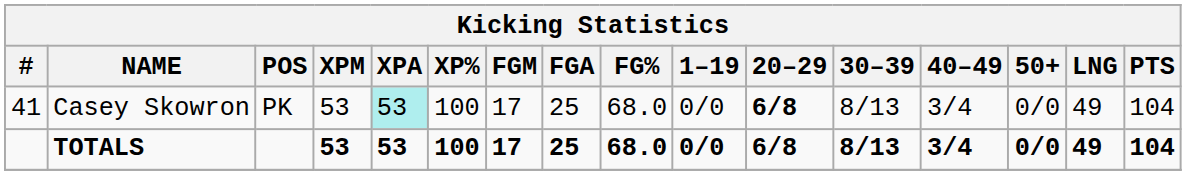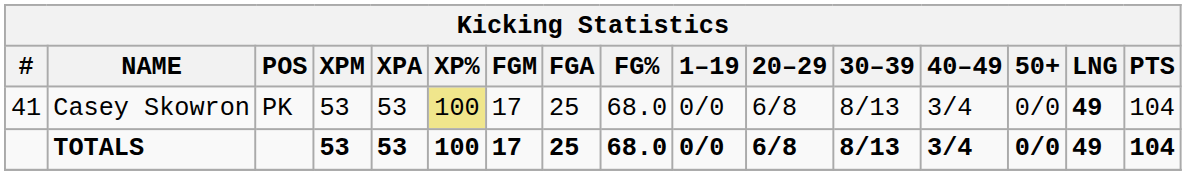 <table class="wikitable sortable collapsible collapsed">
 <tr>
 <th colspan="16">Kicking Statistics</th>
 </tr>
 <tr>
 <th>#</th>
 <th>NAME</th>
 <th>POS</th>
 <th>XPM</th>
 <th>XPA</th>
 <th>XP%</th>
 <th>FGM</th>
 <th>FGA</th>
 <th>FG%</th>
 <th>1–19</th>
 <th>20–29</th>
 <th>30–39</th>
 <th>40–49</th>
 <th>50+</th>
 <th>LNG</th>
 <th>PTS</th>
 </tr>
 <tr>
 <td>41</td>
 <td>Casey Skowron</td>
 <td>PK</td>
 <td>53</td>
-<td style="background: paleturquoise;">53</td>
-<td>100</td>
+<td>53</td>
+<td style="background: khaki;">100</td>
 <td>17</td>
 <td>25</td>
 <td>68.0</td>
 <td>0/0</td>
-<td><strong>6/8</strong></td>
+<td>6/8</td>
 <td>8/13</td>
 <td>3/4</td>
 <td>0/0</td>
-<td>49</td>
+<td><strong>49</strong></td>
 <td>104</td>
 </tr>
 <tr>
 <td></td>
 <td><strong>TOTALS</strong></td>
 <td></td>
 <td><strong>53</strong></td>
 <td><strong>53</strong></td>
 <td><strong>100</strong></td>
 <td><strong>17</strong></td>
 <td><strong>25</strong></td>
 <td><strong>68.0</strong></td>
 <td><strong>0/0</strong></td>
 <td><strong>6/8</strong></td>
 <td><strong>8/13</strong></td>
 <td><strong>3/4</strong></td>
 <td><strong>0/0</strong></td>
 <td><strong>49</strong></td>
 <td><strong>104</strong></td>
 </tr>
 <tr>
 </tr>
 </table>
